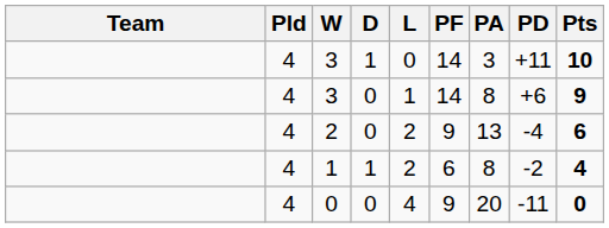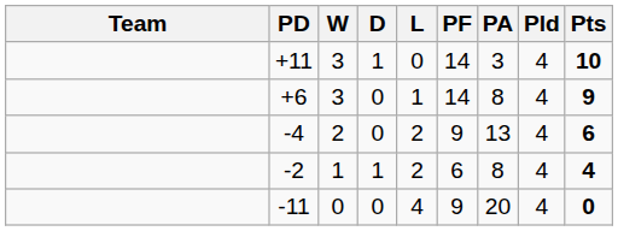 <table class="wikitable" style="text-align:center;">
 <tr>
 <th width=175>Team</th>
-<th width=20 abbr="Played">Pld</th>
+<th width=25 abbr="Points difference">PD</th>
 <th width=20 abbr="Won">W</th>
 <th width=20 abbr="Drawn">D</th>
 <th width=20 abbr="Lost">L</th>
 <th width=20 abbr="Points for">PF</th>
 <th width=20 abbr="Points against">PA</th>
-<th width=25 abbr="Points difference">PD</th>
+<th width=20 abbr="Played">Pld</th>
 <th width=20 abbr="Points">Pts</th>
 </tr>
 <tr>
 <td align=left></td>
-<td>4</td>
+<td>+11</td>
 <td>3</td>
 <td>1</td>
 <td>0</td>
 <td>14</td>
 <td>3</td>
-<td>+11</td>
+<td>4</td>
 <td><strong>10</strong></td>
 </tr>
 <tr>
 <td align=left></td>
-<td>4</td>
+<td>+6</td>
 <td>3</td>
 <td>0</td>
 <td>1</td>
 <td>14</td>
 <td>8</td>
-<td>+6</td>
+<td>4</td>
 <td><strong>9</strong></td>
 </tr>
 <tr>
 <td align=left></td>
-<td>4</td>
+<td>-4</td>
 <td>2</td>
 <td>0</td>
 <td>2</td>
 <td>9</td>
 <td>13</td>
-<td>-4</td>
+<td>4</td>
 <td><strong>6</strong></td>
 </tr>
 <tr>
 <td align=left></td>
-<td>4</td>
+<td>-2</td>
 <td>1</td>
 <td>1</td>
 <td>2</td>
 <td>6</td>
 <td>8</td>
-<td>-2</td>
+<td>4</td>
 <td><strong>4</strong></td>
 </tr>
 <tr>
 <td align=left></td>
-<td>4</td>
+<td>-11</td>
 <td>0</td>
 <td>0</td>
 <td>4</td>
 <td>9</td>
 <td>20</td>
-<td>-11</td>
+<td>4</td>
 <td><strong>0</strong></td>
 </tr>
 </table>
